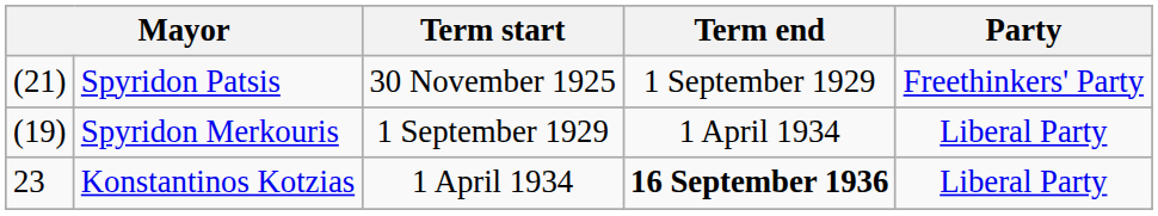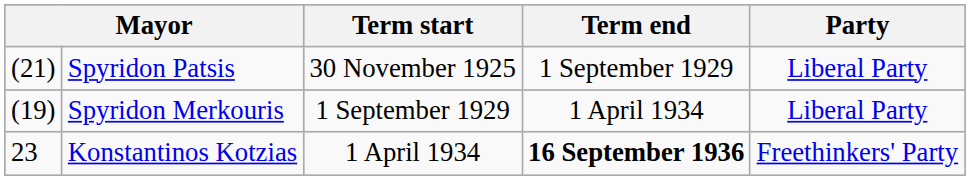 <table class="wikitable">
 <tr>
 <th colspan="2" class="unsortable">Mayor</th>
 <th>Term start</th>
 <th>Term end</th>
 <th>Party</th>
 </tr>
 <tr>
 <td bgcolor=>(21)</td>
 <td><a href='#'>Spyridon Patsis</a></td>
 <td align=center>30 November 1925</td>
 <td align=center>1 September 1929</td>
-<td align=center><a href='#'>Freethinkers' Party</a></td>
+<td align=center><a href='#'>Liberal Party</a></td>
 </tr>
 <tr>
 <td bgcolor=>(19)</td>
 <td><a href='#'>Spyridon Merkouris</a></td>
 <td align=center>1 September 1929</td>
 <td align=center>1 April 1934</td>
 <td align=center><a href='#'>Liberal Party</a></td>
 </tr>
 <tr>
 <td rowspan=1 style="background:">23</td>
 <td><a href='#'>Konstantinos Kotzias</a></td>
 <td align=center>1 April 1934</td>
 <td align=center><strong>16 September 1936</strong></td>
-<td align=center><a href='#'>Liberal Party</a></td>
+<td align=center><a href='#'>Freethinkers' Party</a></td>
 </tr>
 </table>
